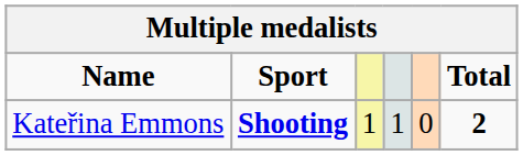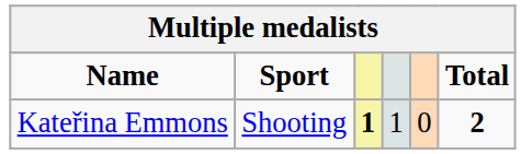 <table class=wikitable style="font-size:85%; float:right; text-align:center">
 <tr bgcolor=EFEFEF>
 <th colspan=7>Multiple medalists</th>
 </tr>
 <tr>
 <td><strong>Name</strong></td>
 <td><strong>Sport</strong></td>
 <td bgcolor=F7F6A8></td>
 <td bgcolor=DCE5E5></td>
 <td bgcolor=FFDAB9></td>
 <td><strong>Total</strong></td>
 </tr>
 <tr>
 <td><a href='#'>Kateřina Emmons</a></td>
-<td><strong><a href='#'>Shooting</a></strong></td>
-<td bgcolor=F7F6A8>1</td>
+<td><a href='#'>Shooting</a></td>
+<td bgcolor=F7F6A8><strong>1</strong></td>
 <td bgcolor=DCE5E5>1</td>
 <td bgcolor=FFDAB9>0</td>
 <td><strong>2</strong></td>
 </tr>
 </table>
